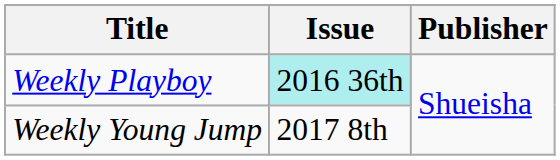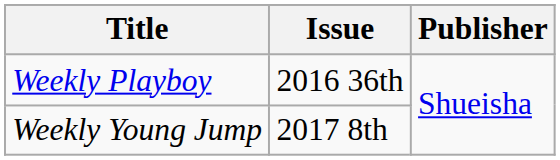 <table class="wikitable">
 <tr>
 <th>Title</th>
 <th>Issue</th>
 <th>Publisher</th>
 </tr>
 <tr>
 <td><em><a href='#'>Weekly Playboy</a></em></td>
-<td style="background: paleturquoise;">2016 36th</td>
+<td>2016 36th</td>
 <td rowspan="2"><a href='#'>Shueisha</a></td>
 </tr>
 <tr>
 <td><em>Weekly Young Jump</em></td>
 <td>2017 8th</td>
 </tr>
 </table>
